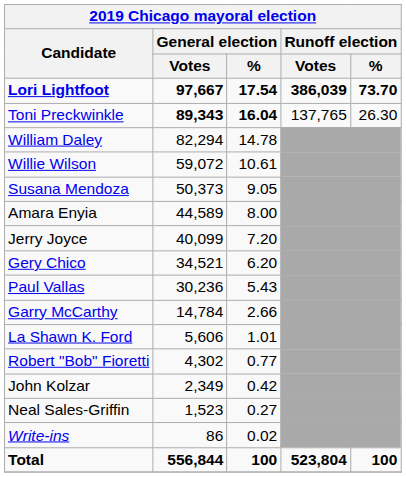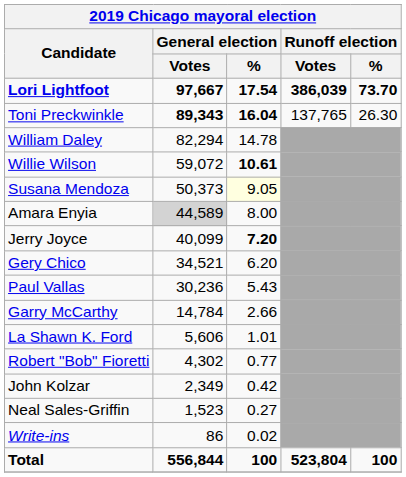 <table class=wikitable>
 <tr>
 <th colspan=5><a href='#'>2019 Chicago mayoral election</a></th>
 </tr>
 <tr>
 <th colspan=1 rowspan=2>Candidate</th>
 <th colspan=2>General election</th>
 <th colspan=2><strong>Runoff election</strong></th>
 </tr>
 <tr>
 <th>Votes</th>
 <th>%</th>
 <th>Votes</th>
 <th>%</th>
 </tr>
 <tr>
 <td><strong><a href='#'>Lori Lightfoot</a></strong></td>
 <td align="right"><strong>97,667</strong></td>
 <td align="right"><strong>17.54</strong></td>
 <td align="right"><strong>386,039</strong></td>
 <td align="right"><strong>73.70</strong></td>
 </tr>
 <tr>
 <td><a href='#'>Toni Preckwinkle</a></td>
 <td align="right"><strong>89,343</strong></td>
 <td align="right"><strong>16.04</strong></td>
 <td align="right">137,765</td>
 <td align="right">26.30</td>
 </tr>
 <tr>
 <td><a href='#'>William Daley</a></td>
 <td align="right">82,294</td>
 <td align="right">14.78</td>
 <td colspan=2 bgcolor=darkgray></td>
 </tr>
 <tr>
 <td><a href='#'>Willie Wilson</a></td>
 <td align="right">59,072</td>
-<td align="right">10.61</td>
+<td align="right"><strong>10.61</strong></td>
 <td colspan=2 bgcolor=darkgray></td>
 </tr>
 <tr>
 <td><a href='#'>Susana Mendoza</a></td>
 <td align="right">50,373</td>
-<td align="right">9.05</td>
+<td align="right" style="background: lightyellow;">9.05</td>
 <td colspan=2 bgcolor=darkgray></td>
 </tr>
 <tr>
 <td>Amara Enyia</td>
-<td align="right">44,589</td>
+<td align="right" style="background: lightgrey;">44,589</td>
 <td align="right">8.00</td>
 <td colspan=2 bgcolor=darkgray></td>
 </tr>
 <tr>
 <td>Jerry Joyce</td>
 <td align="right">40,099</td>
-<td align="right">7.20</td>
+<td align="right"><strong>7.20</strong></td>
 <td colspan=2 bgcolor=darkgray></td>
 </tr>
 <tr>
 <td><a href='#'>Gery Chico</a></td>
 <td align="right">34,521</td>
 <td align="right">6.20</td>
 <td colspan=2 bgcolor=darkgray></td>
 </tr>
 <tr>
 <td><a href='#'>Paul Vallas</a></td>
 <td align="right">30,236</td>
 <td align="right">5.43</td>
 <td colspan=2 bgcolor=darkgray></td>
 </tr>
 <tr>
 <td><a href='#'>Garry McCarthy</a></td>
 <td align="right">14,784</td>
 <td align="right">2.66</td>
 <td colspan=2 bgcolor=darkgray></td>
 </tr>
 <tr>
 <td><a href='#'>La Shawn K. Ford</a></td>
 <td align="right">5,606</td>
 <td align="right">1.01</td>
 <td colspan=2 bgcolor=darkgray></td>
 </tr>
 <tr>
 <td><a href='#'>Robert "Bob" Fioretti</a></td>
 <td align="right">4,302</td>
 <td align="right">0.77</td>
 <td colspan=2 bgcolor=darkgray></td>
 </tr>
 <tr>
 <td>John Kolzar</td>
 <td align="right">2,349</td>
 <td align="right">0.42</td>
 <td colspan=2 bgcolor=darkgray></td>
 </tr>
 <tr>
 <td>Neal Sales-Griffin</td>
 <td align="right">1,523</td>
 <td align="right">0.27</td>
 <td colspan=2 bgcolor=darkgray></td>
 </tr>
 <tr>
 <td><em><a href='#'>Write-ins</a></em></td>
 <td align="right">86</td>
 <td align="right">0.02</td>
 <td colspan=2 bgcolor=darkgray></td>
 </tr>
 <tr>
 <td><strong>Total</strong></td>
 <td align="right"><strong>556,844</strong></td>
 <td align="right"><strong>100</strong></td>
 <td align="right"><strong>523,804</strong></td>
 <td align="right"><strong>100</strong></td>
 </tr>
 <tr>
 </tr>
 </table>
